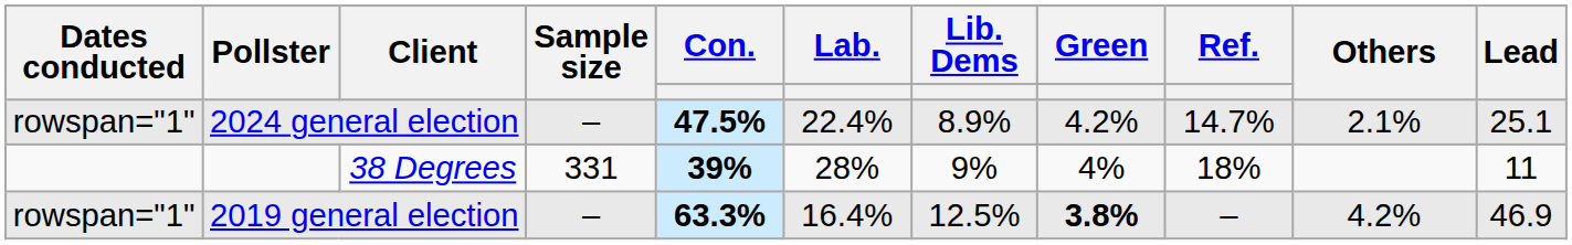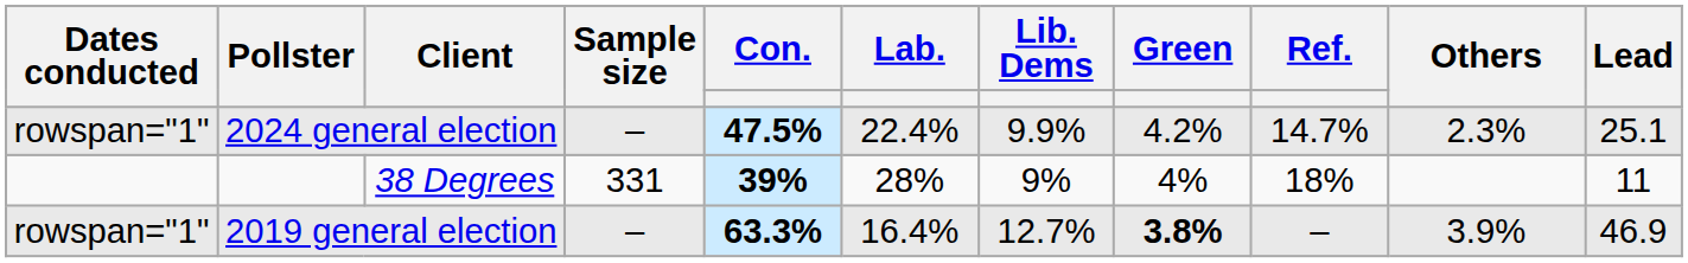 <table class="wikitable sortable mw-datatable" style="text-align:center; font-size:90%; line-height:14px;">
 <tr>
 <th rowspan="2">Dates<br>conducted</th>
 <th rowspan="2">Pollster</th>
 <th rowspan="2">Client</th>
 <th rowspan="2" data-sort-type="number">Sample<br>size</th>
 <th class="unsortable" style="width:50px;"><a href='#'>Con.</a></th>
 <th class="unsortable" style="width:50px;"><a href='#'>Lab.</a></th>
 <th class="unsortable" style="width:50px;"><a href='#'>Lib. Dems</a></th>
 <th class="unsortable" style="width:50px;"><a href='#'>Green</a></th>
 <th class="unsortable" style="width:50px;"><a href='#'>Ref.</a></th>
 <th rowspan="2" class="unsortable" style="width:75px;">Others</th>
 <th rowspan="2" data-sort-type="number">Lead</th>
 </tr>
 <tr>
 <th data-sort-type="number" style="background:"></th>
 <th data-sort-type="number" style="background:"></th>
 <th data-sort-type="number" style="background:"></th>
 <th data-sort-type="number" style="background:"></th>
 <th data-sort-type="number" style="background:"></th>
 </tr>
 <tr style="background:#e9e9e9;">
 <td>rowspan="1" </td>
 <td colspan="2" rowspan="1"><a href='#'>2024 general election</a></td>
 <td>–</td>
 <td style="background:#CCEBFF;"><strong>47.5%</strong></td>
 <td>22.4%</td>
-<td>8.9%</td>
+<td>9.9%</td>
 <td>4.2%</td>
 <td>14.7%</td>
-<td>2.1%</td>
+<td>2.3%</td>
 <td style="background:">25.1</td>
 </tr>
 <tr>
 <td></td>
 <td></td>
 <td><em><a href='#'>38 Degrees</a></em></td>
 <td>331</td>
 <td style="background:#CCEBFF;"><strong>39%</strong></td>
 <td>28%</td>
 <td>9%</td>
 <td>4%</td>
 <td>18%</td>
 <td></td>
 <td style="background:">11</td>
 </tr>
 <tr style="background:#e9e9e9;">
 <td>rowspan="1" </td>
 <td colspan="2" rowspan="1"><a href='#'>2019 general election</a></td>
 <td>–</td>
 <td style="background:#CCEBFF;"><strong>63.3%</strong></td>
 <td>16.4%</td>
-<td>12.5%</td>
+<td>12.7%</td>
 <td><strong>3.8%</strong></td>
 <td>–</td>
-<td>4.2%</td>
+<td>3.9%</td>
 <td style="background:">46.9</td>
 </tr>
 </table>
